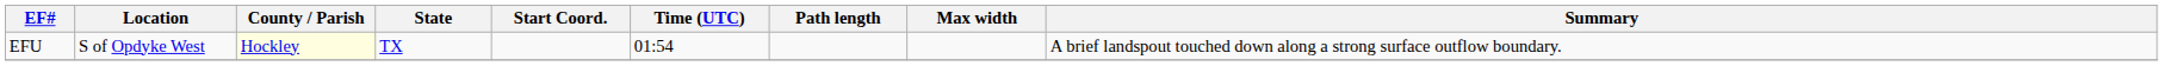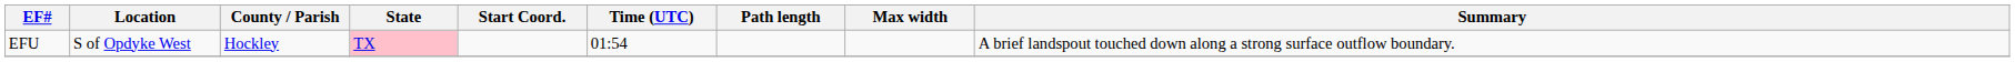 <table class="wikitable sortable" style="width:100%;">
 <tr>
 <th scope="col"  style="width:3%; text-align:center;"><a href='#'>EF#</a></th>
 <th scope="col"  style="width:7%; text-align:center;" class="unsortable">Location</th>
 <th scope="col"  style="width:6%; text-align:center;" class="unsortable">County / Parish</th>
 <th scope="col"  style="width:5%; text-align:center;">State</th>
 <th scope="col"  style="width:6%; text-align:center;">Start Coord.</th>
 <th scope="col"  style="width:6%; text-align:center;">Time (<a href='#'>UTC</a>)</th>
 <th scope="col"  style="width:6%; text-align:center;">Path length</th>
 <th scope="col"  style="width:6%; text-align:center;">Max width</th>
 <th scope="col" class="unsortable" style="width:48%; text-align:center;">Summary</th>
 </tr>
 <tr>
 <td>EFU</td>
 <td>S of <a href='#'>Opdyke West</a></td>
-<td style="background: lightyellow;"><a href='#'>Hockley</a></td>
-<td><a href='#'>TX</a></td>
+<td><a href='#'>Hockley</a></td>
+<td style="background: pink;"><a href='#'>TX</a></td>
 <td></td>
 <td>01:54</td>
 <td></td>
 <td></td>
 <td>A brief landspout touched down along a strong surface outflow boundary.</td>
 </tr>
 <tr>
 </tr>
 </table>
